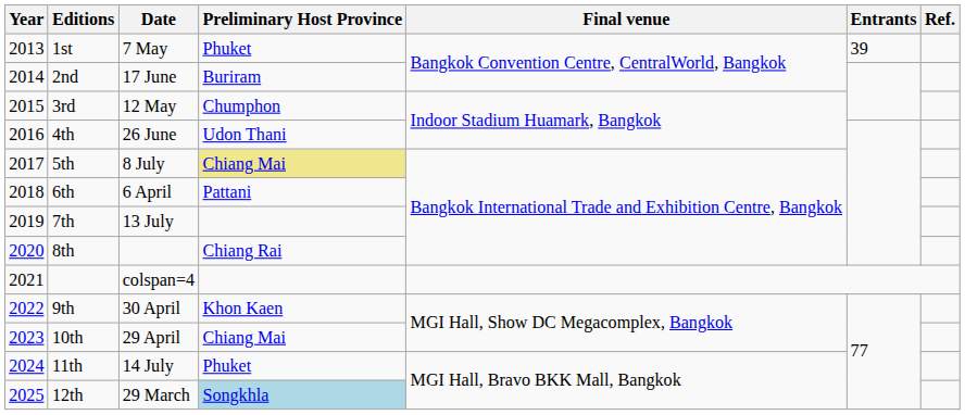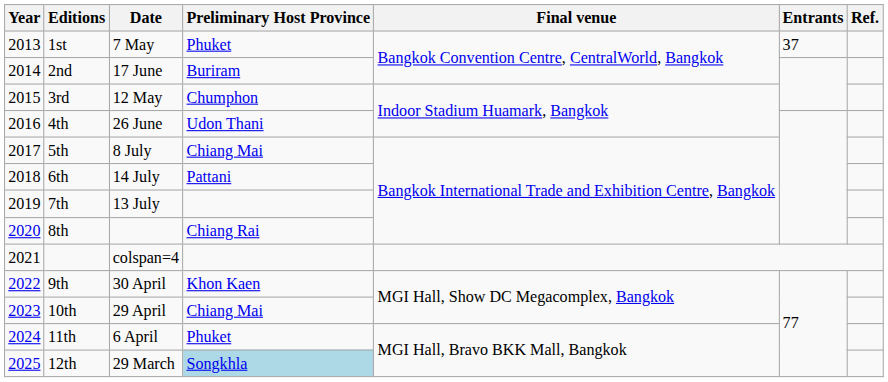 <table class="wikitable defaultcenter col3left col4left col5left" style="font-size: 95%">
 <tr>
 <th>Year</th>
 <th>Editions</th>
 <th>Date</th>
 <th>Preliminary Host Province</th>
 <th>Final venue</th>
 <th>Entrants</th>
 <th>Ref.</th>
 </tr>
 <tr>
 <td>2013</td>
 <td>1st</td>
 <td>7 May</td>
 <td><a href='#'>Phuket</a></td>
 <td rowspan=2><a href='#'>Bangkok Convention Centre</a>, <a href='#'>CentralWorld</a>, <a href='#'>Bangkok</a></td>
-<td>39</td>
+<td>37</td>
 <td></td>
 </tr>
 <tr>
 <td>2014</td>
 <td>2nd</td>
 <td>17 June</td>
 <td><a href='#'>Buriram</a></td>
 <td rowspan=2></td>
 <td></td>
 </tr>
 <tr>
 <td>2015</td>
 <td>3rd</td>
 <td>12 May</td>
 <td><a href='#'>Chumphon</a></td>
 <td rowspan=2><a href='#'>Indoor Stadium Huamark</a>, <a href='#'>Bangkok</a></td>
 <td></td>
 </tr>
 <tr>
 <td>2016</td>
 <td>4th</td>
 <td>26 June</td>
 <td><a href='#'>Udon Thani</a></td>
 <td rowspan="5"></td>
 <td></td>
 </tr>
 <tr>
 <td>2017</td>
 <td>5th</td>
 <td>8 July</td>
-<td style="background: khaki;"><a href='#'>Chiang Mai</a></td>
+<td><a href='#'>Chiang Mai</a></td>
 <td rowspan=4><a href='#'>Bangkok International Trade and Exhibition Centre</a>, <a href='#'>Bangkok</a></td>
 <td></td>
 </tr>
 <tr>
 <td>2018</td>
 <td>6th</td>
-<td>6 April</td>
+<td>14 July</td>
 <td><a href='#'>Pattani</a></td>
 <td></td>
 </tr>
 <tr>
 <td>2019</td>
 <td>7th</td>
 <td>13 July</td>
 <td></td>
 <td></td>
 </tr>
 <tr>
 <td><a href='#'>2020</a></td>
 <td>8th</td>
 <td></td>
 <td><a href='#'>Chiang Rai</a></td>
 <td></td>
 </tr>
 <tr>
 <td>2021</td>
 <td></td>
 <td>colspan=4 </td>
 <td></td>
 </tr>
 <tr>
 <td><a href='#'>2022</a></td>
 <td>9th</td>
 <td>30 April</td>
 <td><a href='#'>Khon Kaen</a></td>
 <td rowspan="2">MGI Hall, Show DC Megacomplex, <a href='#'>Bangkok</a></td>
 <td rowspan="5">77</td>
 <td></td>
 </tr>
 <tr>
 <td><a href='#'>2023</a></td>
 <td>10th</td>
 <td>29 April</td>
 <td><a href='#'>Chiang Mai</a></td>
 <td></td>
 </tr>
 <tr>
 <td><a href='#'>2024</a></td>
 <td>11th</td>
-<td>14 July</td>
+<td>6 April</td>
 <td><a href='#'>Phuket</a></td>
 <td rowspan="3">MGI Hall, Bravo BKK Mall, Bangkok</td>
 <td></td>
 </tr>
 <tr>
 <td><a href='#'>2025</a></td>
 <td>12th</td>
 <td>29 March</td>
 <td style="background: lightblue;"><a href='#'>Songkhla</a></td>
 <td></td>
 </tr>
 </table>
